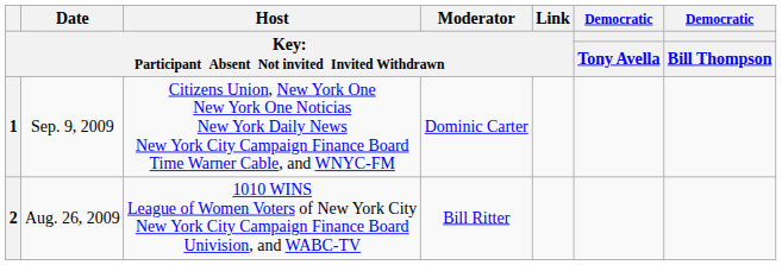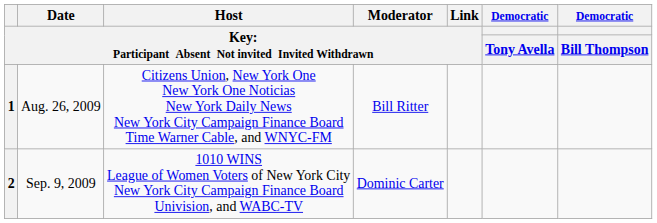 <table class="wikitable" style="text-align:center;">
 <tr>
 <th scope="col"></th>
 <th scope="col">Date</th>
 <th scope="col">Host</th>
 <th scope="col">Moderator</th>
 <th scope="col">Link</th>
 <th scope="col"><small><a href='#'>Democratic</a></small></th>
 <th scope="col"><small><a href='#'>Democratic</a></small></th>
 </tr>
 <tr>
 <th colspan="5" rowspan="2">Key:<br> <small>Participant </small>  <small>Absent </small>  <small>Not invited </small>  <small>Invited  Withdrawn</small></th>
 <th scope="col" style="background:"></th>
 <th scope="col" style="background:"></th>
 </tr>
 <tr>
 <th scope="col"><a href='#'>Tony Avella</a></th>
 <th scope="col"><a href='#'>Bill Thompson</a></th>
 </tr>
 <tr>
 <th>1</th>
-<td style="white-space:nowrap;">Sep. 9, 2009</td>
+<td style="white-space:nowrap;">Aug. 26, 2009</td>
 <td style="white-space:nowrap;"><a href='#'>Citizens Union</a>, <a href='#'>New York One</a><br><a href='#'>New York One Noticias</a><br><a href='#'>New York Daily News</a><br><a href='#'>New York City Campaign Finance Board</a><br><a href='#'>Time Warner Cable</a>, and <a href='#'>WNYC-FM</a></td>
-<td style="white-space:nowrap;"><a href='#'>Dominic Carter</a></td>
+<td style="white-space:nowrap;"><a href='#'>Bill Ritter</a></td>
 <td style="white-space:nowrap;"></td>
 <td></td>
 <td></td>
 </tr>
 <tr>
 <th>2</th>
-<td style="white-space:nowrap;">Aug. 26, 2009</td>
+<td style="white-space:nowrap;">Sep. 9, 2009</td>
 <td style="white-space:nowrap;"><a href='#'>1010 WINS</a><br><a href='#'>League of Women Voters</a> of New York City<br><a href='#'>New York City Campaign Finance Board</a><br><a href='#'>Univision</a>, and <a href='#'>WABC-TV</a></td>
-<td style="white-space:nowrap;"><a href='#'>Bill Ritter</a></td>
+<td style="white-space:nowrap;"><a href='#'>Dominic Carter</a></td>
 <td style="white-space:nowrap;"></td>
 <td></td>
 <td></td>
 </tr>
 </table>
